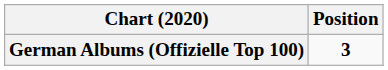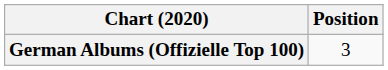 <table class="wikitable plainrowheaders" style="text-align:center">
 <tr>
 <th scope="col">Chart (2020)</th>
 <th scope="col">Position</th>
 </tr>
 <tr>
 <th scope="row">German Albums (Offizielle Top 100)</th>
-<td><strong>3</strong></td>
+<td>3</td>
 </tr>
 </table>
